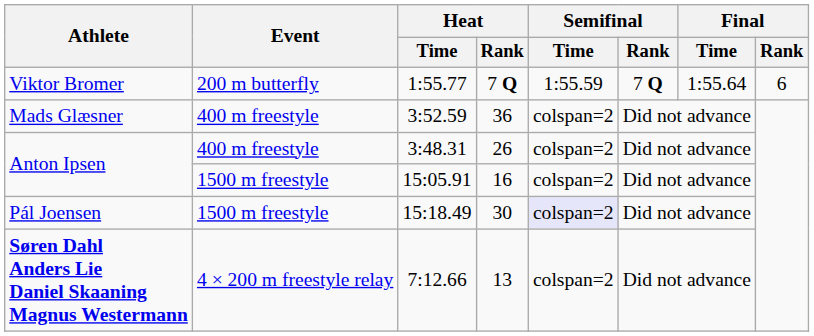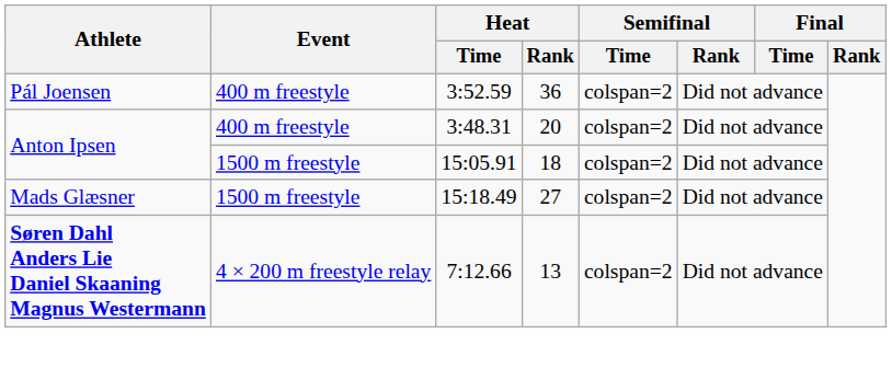 <table class=wikitable style="font-size:90%">
 <tr>
 <th rowspan="2">Athlete</th>
 <th rowspan="2">Event</th>
 <th colspan="2">Heat</th>
 <th colspan="2">Semifinal</th>
 <th colspan="2">Final</th>
 </tr>
 <tr style="font-size:95%">
 <th>Time</th>
 <th>Rank</th>
 <th>Time</th>
 <th>Rank</th>
 <th>Time</th>
 <th>Rank</th>
 </tr>
 <tr align=center>
-<td align=left><a href='#'>Viktor Bromer</a></td>
-<td align=left><a href='#'>200 m butterfly</a></td>
-<td>1:55.77</td>
-<td>7 <strong>Q</strong></td>
-<td>1:55.59</td>
-<td>7 <strong>Q</strong></td>
-<td>1:55.64</td>
-<td>6</td>
-</tr>
-<tr align=center>
-<td align=left><a href='#'>Mads Glæsner</a></td>
+<td align=left><a href='#'>Pál Joensen</a></td>
 <td align=left><a href='#'>400 m freestyle</a></td>
 <td>3:52.59</td>
 <td>36</td>
 <td>colspan=2 </td>
 <td colspan=2>Did not advance</td>
 </tr>
 <tr align=center>
 <td align=left rowspan=2><a href='#'>Anton Ipsen</a></td>
 <td align=left><a href='#'>400 m freestyle</a></td>
 <td>3:48.31</td>
-<td>26</td>
+<td>20</td>
 <td>colspan=2 </td>
 <td colspan=2>Did not advance</td>
 </tr>
 <tr align=center>
 <td align=left><a href='#'>1500 m freestyle</a></td>
 <td>15:05.91</td>
-<td>16</td>
+<td>18</td>
 <td>colspan=2 </td>
 <td colspan=2>Did not advance</td>
 </tr>
 <tr align=center>
-<td align=left><a href='#'>Pál Joensen</a></td>
+<td align=left><a href='#'>Mads Glæsner</a></td>
 <td align=left><a href='#'>1500 m freestyle</a></td>
 <td>15:18.49</td>
-<td>30</td>
-<td style="background: lavender;">colspan=2 </td>
+<td>27</td>
+<td>colspan=2 </td>
 <td colspan=2>Did not advance</td>
 </tr>
 <tr align=center>
 <td align=left><strong><a href='#'>Søren Dahl</a><br><a href='#'>Anders Lie</a><br><a href='#'>Daniel Skaaning</a><br><a href='#'>Magnus Westermann</a></strong></td>
 <td align=left><a href='#'>4 × 200 m freestyle relay</a></td>
 <td>7:12.66</td>
 <td>13</td>
 <td>colspan=2 </td>
 <td colspan=2>Did not advance</td>
 </tr>
 </table>
